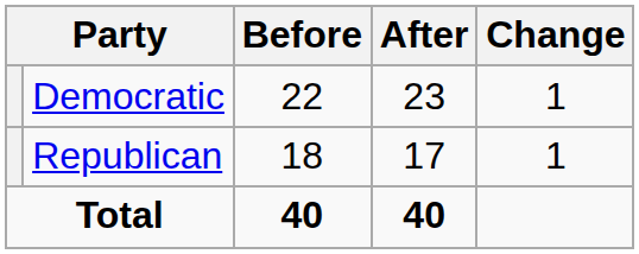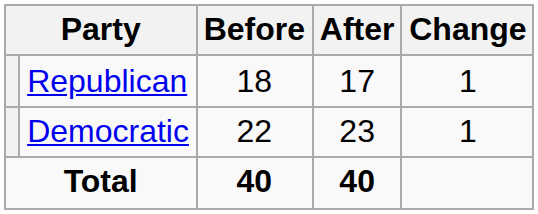 <table class="wikitable" style="text-align:center;">
 <tr>
 <th colspan="2">Party</th>
 <th>Before</th>
 <th>After</th>
 <th>Change</th>
 </tr>
 <tr>
 <th style="background-color:"></th>
-<td style="text-align:left;"><a href='#'>Democratic</a></td>
-<td>22</td>
-<td>23</td>
+<td style="text-align:left;"><a href='#'>Republican</a></td>
+<td>18</td>
+<td>17</td>
 <td> 1</td>
 </tr>
 <tr>
 <th style="background-color:"></th>
-<td style="text-align:left;"><a href='#'>Republican</a></td>
-<td>18</td>
-<td>17</td>
+<td style="text-align:left;"><a href='#'>Democratic</a></td>
+<td>22</td>
+<td>23</td>
 <td> 1</td>
 </tr>
 <tr>
 <td colspan="2"><strong>Total</strong></td>
 <td><strong>40</strong></td>
 <td><strong>40</strong></td>
 </tr>
 </table>
